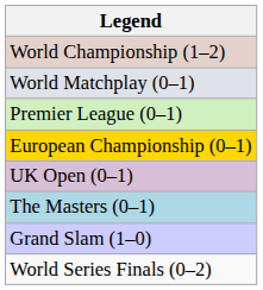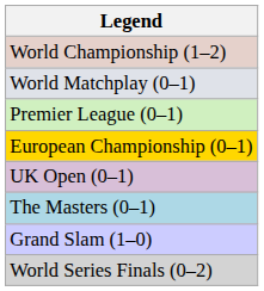 <table class="wikitable">
 <tr>
 <th>Legend</th>
 </tr>
 <tr style="background:#e5d1cb;">
 <td>World Championship (1–2)</td>
 </tr>
 <tr style="background:#dfe2e9;">
 <td>World Matchplay (0–1)</td>
 </tr>
 <tr style="background:#d0f0c0;">
 <td>Premier League (0–1)</td>
 </tr>
 <tr style="background:gold;">
 <td>European Championship (0–1)</td>
 </tr>
 <tr style="background:thistle;">
 <td>UK Open (0–1)</td>
 </tr>
 <tr style="background:lightblue;">
 <td>The Masters (0–1)</td>
 </tr>
 <tr style="background:#ccf;">
 <td>Grand Slam (1–0)</td>
 </tr>
 <tr>
-<td>World Series Finals (0–2)</td>
+<td style="background: lightgrey;">World Series Finals (0–2)</td>
 </tr>
 </table>
